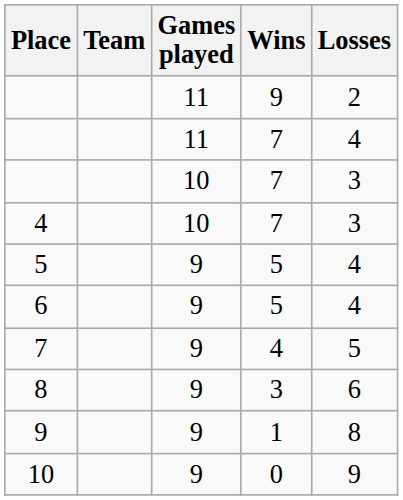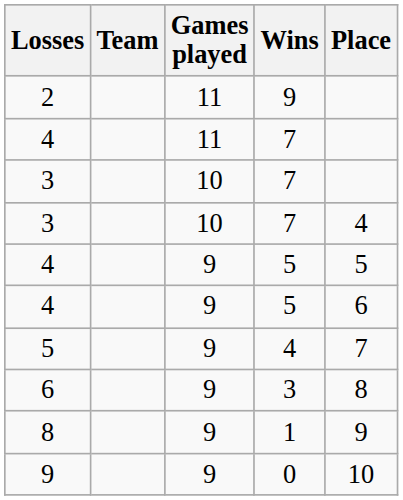 <table class="wikitable" style="text-align:center;">
 <tr>
-<th>Place</th>
+<th>Losses</th>
 <th>Team</th>
 <th>Games<br>played</th>
 <th>Wins</th>
-<th>Losses</th>
+<th>Place</th>
 </tr>
 <tr>
-<td></td>
+<td>2</td>
 <td align=left></td>
 <td>11</td>
 <td>9</td>
-<td>2</td>
+<td></td>
 </tr>
 <tr>
-<td></td>
+<td>4</td>
 <td align=left></td>
 <td>11</td>
+<td>7</td>
+<td></td>
+</tr>
+<tr>
+<td>3</td>
+<td align=left></td>
+<td>10</td>
+<td>7</td>
+<td></td>
+</tr>
+<tr>
+<td>3</td>
+<td align=left></td>
+<td>10</td>
 <td>7</td>
 <td>4</td>
 </tr>
 <tr>
-<td></td>
+<td>4</td>
 <td align=left></td>
-<td>10</td>
-<td>7</td>
-<td>3</td>
+<td>9</td>
+<td>5</td>
+<td>5</td>
 </tr>
 <tr>
 <td>4</td>
 <td align=left></td>
-<td>10</td>
-<td>7</td>
-<td>3</td>
+<td>9</td>
+<td>5</td>
+<td>6</td>
 </tr>
 <tr>
 <td>5</td>
 <td align=left></td>
 <td>9</td>
-<td>5</td>
 <td>4</td>
+<td>7</td>
 </tr>
 <tr>
 <td>6</td>
 <td align=left></td>
 <td>9</td>
-<td>5</td>
-<td>4</td>
-</tr>
-<tr>
-<td>7</td>
-<td align=left></td>
-<td>9</td>
-<td>4</td>
-<td>5</td>
+<td>3</td>
+<td>8</td>
 </tr>
 <tr>
 <td>8</td>
 <td align=left></td>
 <td>9</td>
-<td>3</td>
-<td>6</td>
+<td>1</td>
+<td>9</td>
 </tr>
 <tr>
 <td>9</td>
 <td align=left></td>
 <td>9</td>
-<td>1</td>
-<td>8</td>
-</tr>
-<tr>
+<td>0</td>
 <td>10</td>
-<td align=left></td>
-<td>9</td>
-<td>0</td>
-<td>9</td>
 </tr>
 </table>
